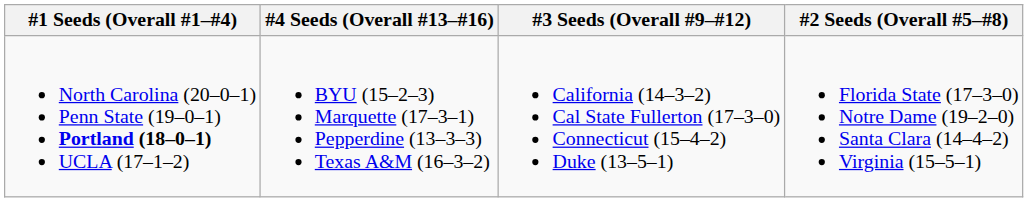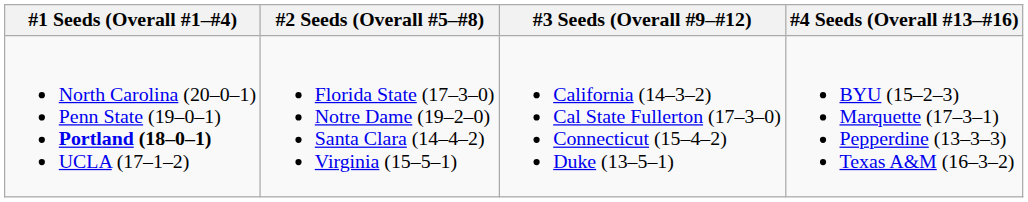 <table class="wikitable">
 <tr>
 <th>#1 Seeds (Overall #1–#4)</th>
+<th>#2 Seeds (Overall #5–#8)</th>
+<th>#3 Seeds (Overall #9–#12)</th>
 <th>#4 Seeds (Overall #13–#16)</th>
-<th>#3 Seeds (Overall #9–#12)</th>
-<th>#2 Seeds (Overall #5–#8)</th>
 </tr>
 <tr>
 <td><br><ul><li><a href='#'>North Carolina</a> (20–0–1)</li><li><a href='#'>Penn State</a> (19–0–1)</li><li><strong><a href='#'>Portland</a> (18–0–1)</strong></li><li><a href='#'>UCLA</a> (17–1–2)</li></ul></td>
+<td><br><ul><li><a href='#'>Florida State</a> (17–3–0)</li><li><a href='#'>Notre Dame</a> (19–2–0)</li><li><a href='#'>Santa Clara</a> (14–4–2)</li><li><a href='#'>Virginia</a> (15–5–1)</li></ul></td>
+<td><br><ul><li><a href='#'>California</a> (14–3–2)</li><li><a href='#'>Cal State Fullerton</a> (17–3–0)</li><li><a href='#'>Connecticut</a> (15–4–2)</li><li><a href='#'>Duke</a> (13–5–1)</li></ul></td>
 <td><br><ul><li><a href='#'>BYU</a> (15–2–3)</li><li><a href='#'>Marquette</a> (17–3–1)</li><li><a href='#'>Pepperdine</a> (13–3–3)</li><li><a href='#'>Texas A&M</a> (16–3–2)</li></ul></td>
-<td><br><ul><li><a href='#'>California</a> (14–3–2)</li><li><a href='#'>Cal State Fullerton</a> (17–3–0)</li><li><a href='#'>Connecticut</a> (15–4–2)</li><li><a href='#'>Duke</a> (13–5–1)</li></ul></td>
-<td><br><ul><li><a href='#'>Florida State</a> (17–3–0)</li><li><a href='#'>Notre Dame</a> (19–2–0)</li><li><a href='#'>Santa Clara</a> (14–4–2)</li><li><a href='#'>Virginia</a> (15–5–1)</li></ul></td>
 </tr>
 </table>
